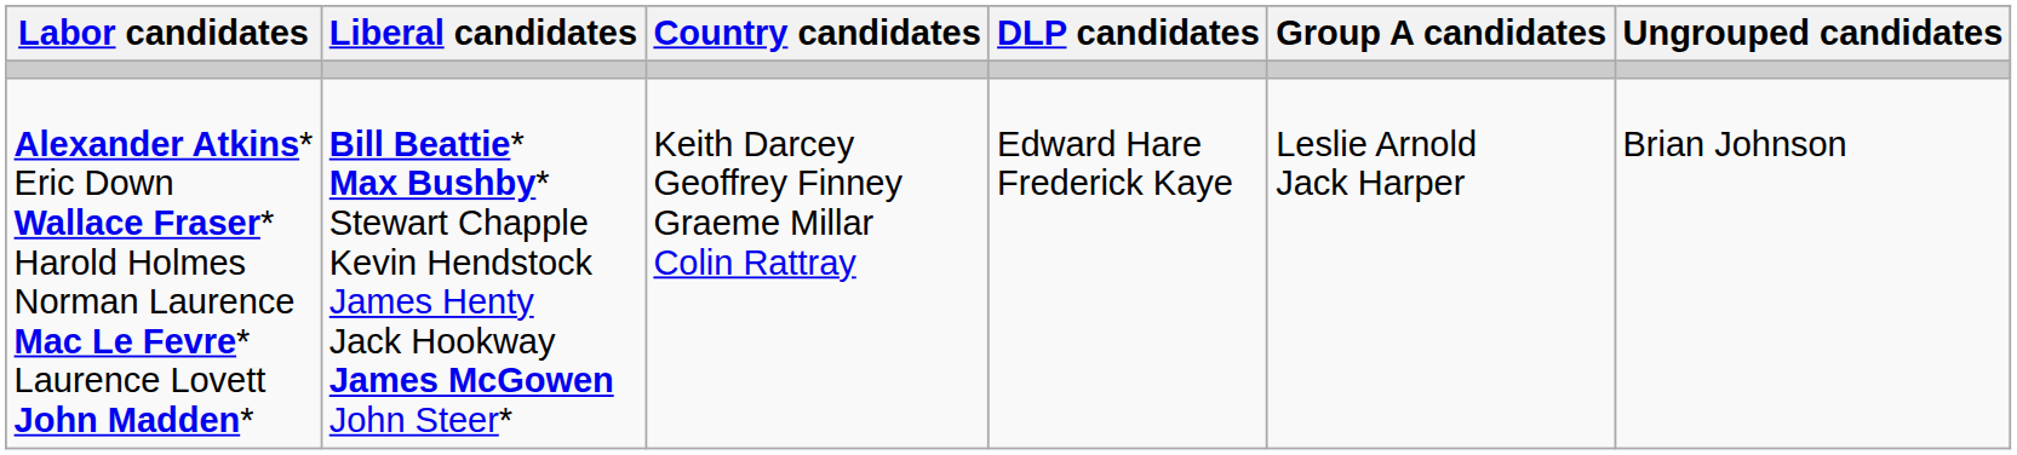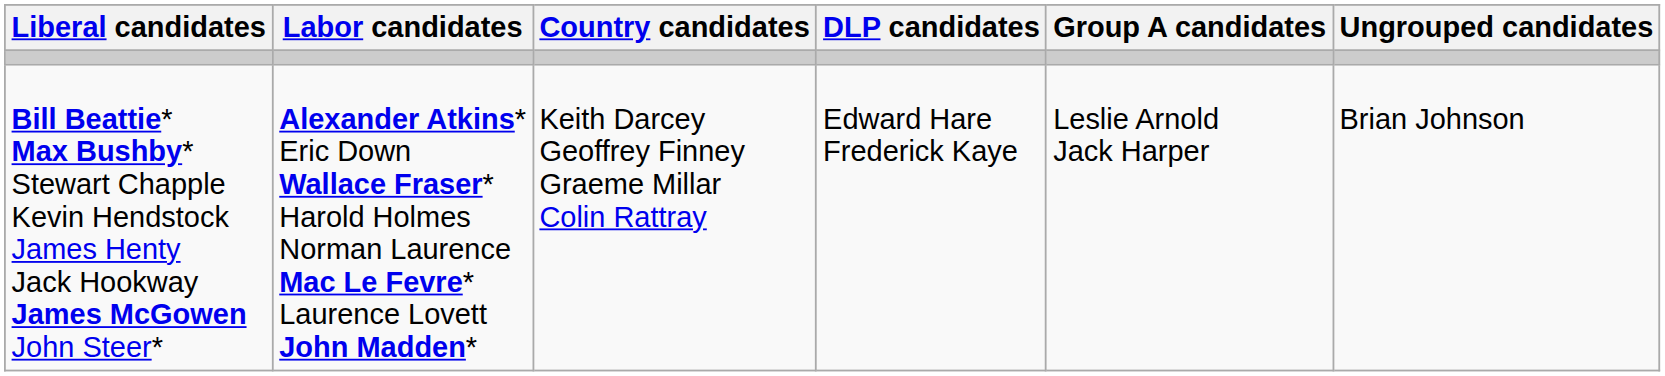 <table class="wikitable">
 <tr>
+<th><a href='#'>Liberal</a> candidates</th>
 <th><a href='#'>Labor</a> candidates</th>
-<th><a href='#'>Liberal</a> candidates</th>
 <th><a href='#'>Country</a> candidates</th>
 <th><a href='#'>DLP</a> candidates</th>
 <th>Group A candidates</th>
 <th>Ungrouped candidates</th>
 </tr>
 <tr bgcolor="#cccccc">
 <td></td>
 <td></td>
 <td></td>
 <td></td>
 <td></td>
 <td></td>
 </tr>
 <tr>
+<td><br><strong><a href='#'>Bill Beattie</a></strong>*<br> <strong><a href='#'>Max Bushby</a></strong>*<br> Stewart Chapple<br> Kevin Hendstock<br> <a href='#'>James Henty</a><br> Jack Hookway<br> <strong><a href='#'>James McGowen</a></strong><br> <a href='#'>John Steer</a>*</td>
 <td><br><strong><a href='#'>Alexander Atkins</a></strong>*<br> Eric Down<br> <strong><a href='#'>Wallace Fraser</a></strong>*<br> Harold Holmes<br> Norman Laurence<br> <strong><a href='#'>Mac Le Fevre</a></strong>*<br> Laurence Lovett<br> <strong><a href='#'>John Madden</a></strong>*</td>
-<td><br><strong><a href='#'>Bill Beattie</a></strong>*<br> <strong><a href='#'>Max Bushby</a></strong>*<br> Stewart Chapple<br> Kevin Hendstock<br> <a href='#'>James Henty</a><br> Jack Hookway<br> <strong><a href='#'>James McGowen</a></strong><br> <a href='#'>John Steer</a>*</td>
 <td valign=top><br>Keith Darcey<br> Geoffrey Finney<br> Graeme Millar<br> <a href='#'>Colin Rattray</a></td>
 <td valign=top><br>Edward Hare<br> Frederick Kaye</td>
 <td valign=top><br>Leslie Arnold<br> Jack Harper</td>
 <td valign=top><br>Brian Johnson</td>
 </tr>
 </table>
